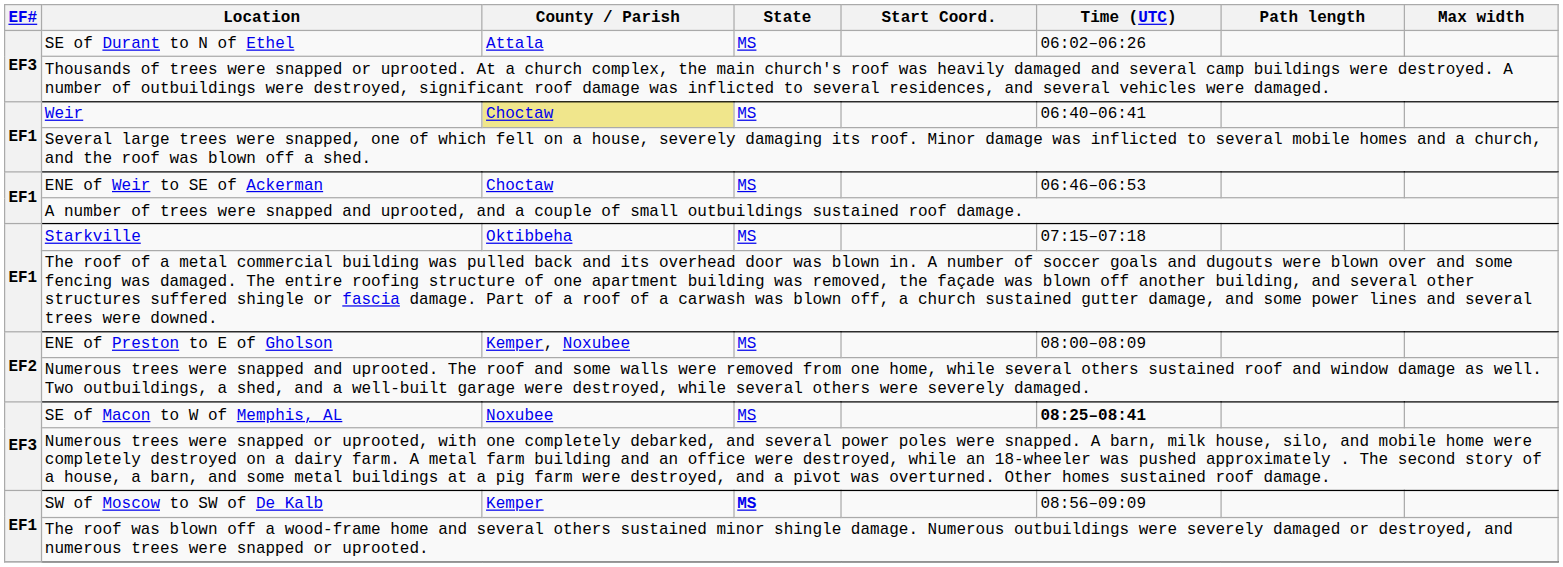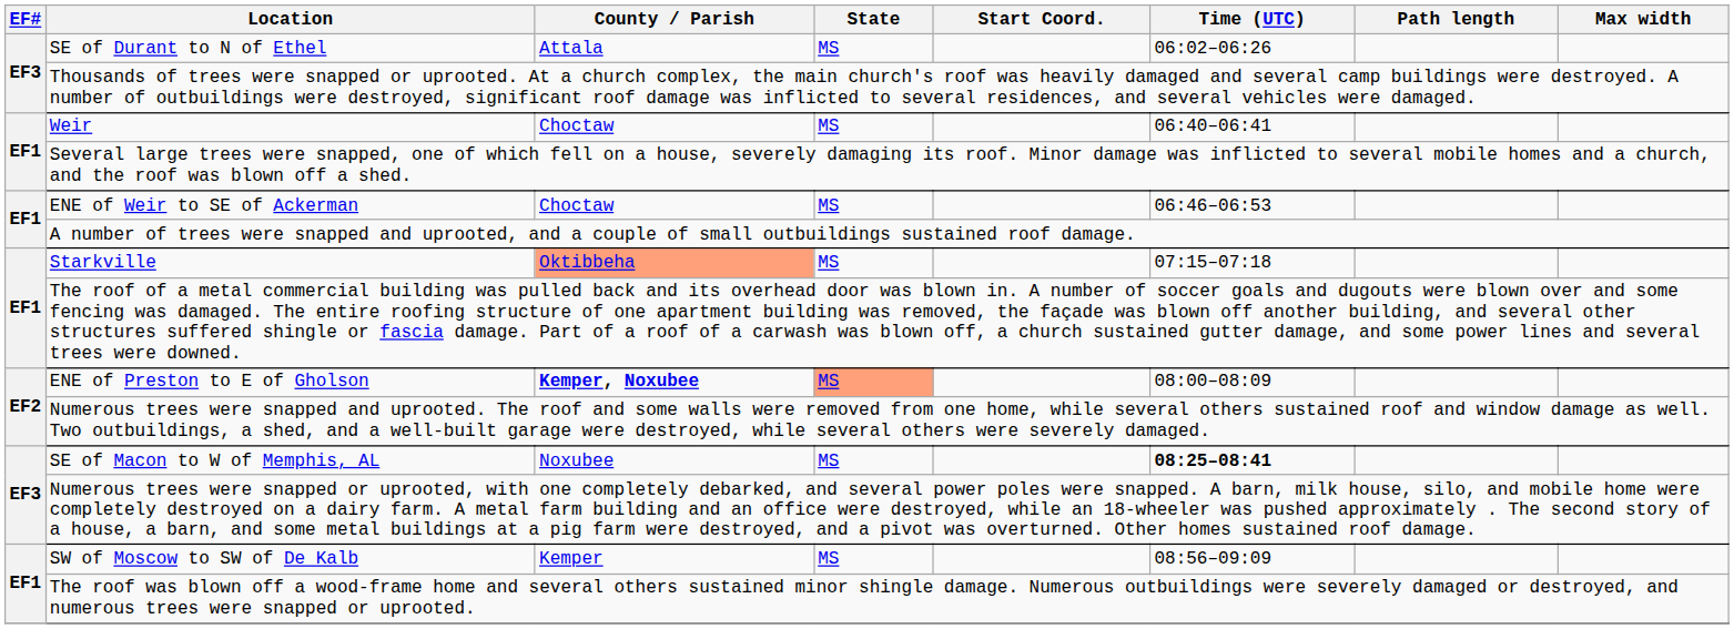 <table class="wikitable sortable" style="width:100%;">
 <tr>
 <th scope="col" width="2%" align="center"><a href='#'>EF#</a></th>
 <th scope="col" align="center" class="unsortable">Location</th>
 <th scope="col" align="center" class="unsortable">County / Parish</th>
 <th scope="col" align="center">State</th>
 <th scope="col" align="center">Start Coord.</th>
 <th scope="col" align="center">Time (<a href='#'>UTC</a>)</th>
 <th scope="col" align="center">Path length</th>
 <th scope="col" align="center">Max width</th>
 </tr>
 <tr>
 <th scope="row" rowspan="2" style="background-color:#">EF3</th>
 <td>SE of <a href='#'>Durant</a> to N of <a href='#'>Ethel</a></td>
 <td><a href='#'>Attala</a></td>
 <td><a href='#'>MS</a></td>
 <td></td>
 <td>06:02–06:26</td>
 <td></td>
 <td></td>
 </tr>
 <tr class="expand-child">
 <td colspan="8" style=" border-bottom: 1px solid black;">Thousands of trees were snapped or uprooted. At a church complex, the main church's roof was heavily damaged and several camp buildings were destroyed. A number of outbuildings were destroyed, significant roof damage was inflicted to several residences, and several vehicles were damaged.</td>
 </tr>
 <tr>
 <th scope="row" rowspan="2" style="background-color:#">EF1</th>
 <td><a href='#'>Weir</a></td>
-<td style="background: khaki;"><a href='#'>Choctaw</a></td>
+<td><a href='#'>Choctaw</a></td>
 <td><a href='#'>MS</a></td>
 <td></td>
 <td>06:40–06:41</td>
 <td></td>
 <td></td>
 </tr>
 <tr class="expand-child">
 <td colspan="8" style=" border-bottom: 1px solid black;">Several large trees were snapped, one of which fell on a house, severely damaging its roof. Minor damage was inflicted to several mobile homes and a church, and the roof was blown off a shed.</td>
 </tr>
 <tr>
 <th scope="row" rowspan="2" style="background-color:#">EF1</th>
 <td>ENE of <a href='#'>Weir</a> to SE of <a href='#'>Ackerman</a></td>
 <td><a href='#'>Choctaw</a></td>
 <td><a href='#'>MS</a></td>
 <td></td>
 <td>06:46–06:53</td>
 <td></td>
 <td></td>
 </tr>
 <tr class="expand-child">
 <td colspan="8" style=" border-bottom: 1px solid black;">A number of trees were snapped and uprooted, and a couple of small outbuildings sustained roof damage.</td>
 </tr>
 <tr>
 <th scope="row" rowspan="2" style="background-color:#">EF1</th>
 <td><a href='#'>Starkville</a></td>
-<td><a href='#'>Oktibbeha</a></td>
+<td style="background: lightsalmon;"><a href='#'>Oktibbeha</a></td>
 <td><a href='#'>MS</a></td>
 <td></td>
 <td>07:15–07:18</td>
 <td></td>
 <td></td>
 </tr>
 <tr class="expand-child">
 <td colspan="8" style=" border-bottom: 1px solid black;">The roof of a metal commercial building was pulled back and its overhead door was blown in. A number of soccer goals and dugouts were blown over and some fencing was damaged. The entire roofing structure of one apartment building was removed, the façade was blown off another building, and several other structures suffered shingle or <a href='#'>fascia</a> damage. Part of a roof of a carwash was blown off, a church sustained gutter damage, and some power lines and several trees were downed.</td>
 </tr>
 <tr>
 <th scope="row" rowspan="2" style="background-color:#">EF2</th>
 <td>ENE of <a href='#'>Preston</a> to E of <a href='#'>Gholson</a></td>
-<td><a href='#'>Kemper</a>, <a href='#'>Noxubee</a></td>
-<td><a href='#'>MS</a></td>
+<td><strong><a href='#'>Kemper</a>, <a href='#'>Noxubee</a></strong></td>
+<td style="background: lightsalmon;"><a href='#'>MS</a></td>
 <td></td>
 <td>08:00–08:09</td>
 <td></td>
 <td></td>
 </tr>
 <tr class="expand-child">
 <td colspan="8" style=" border-bottom: 1px solid black;">Numerous trees were snapped and uprooted. The roof and some walls were removed from one home, while several others sustained roof and window damage as well. Two outbuildings, a shed, and a well-built garage were destroyed, while several others were severely damaged.</td>
 </tr>
 <tr>
 <th scope="row" rowspan="2" style="background-color:#">EF3</th>
 <td>SE of <a href='#'>Macon</a> to W of <a href='#'>Memphis, AL</a></td>
 <td><a href='#'>Noxubee</a></td>
 <td><a href='#'>MS</a></td>
 <td></td>
 <td><strong>08:25–08:41</strong></td>
 <td></td>
 <td></td>
 </tr>
 <tr class="expand-child">
 <td colspan="8" style=" border-bottom: 1px solid black;">Numerous trees were snapped or uprooted, with one completely debarked, and several power poles were snapped. A barn, milk house, silo, and mobile home were completely destroyed on a dairy farm. A metal farm building and an office were destroyed, while an 18-wheeler was pushed approximately . The second story of a house, a barn, and some metal buildings at a pig farm were destroyed, and a pivot was overturned. Other homes sustained roof damage.</td>
 </tr>
 <tr>
 <th scope="row" rowspan="2" style="background-color:#">EF1</th>
 <td>SW of <a href='#'>Moscow</a> to SW of <a href='#'>De Kalb</a></td>
 <td><a href='#'>Kemper</a></td>
-<td><strong><a href='#'>MS</a></strong></td>
+<td><a href='#'>MS</a></td>
 <td></td>
 <td>08:56–09:09</td>
 <td></td>
 <td></td>
 </tr>
 <tr class="expand-child">
 <td colspan="8" style=" border-bottom: 1px solid black;">The roof was blown off a wood-frame home and several others sustained minor shingle damage. Numerous outbuildings were severely damaged or destroyed, and numerous trees were snapped or uprooted.</td>
 </tr>
 <tr>
 </tr>
 </table>
